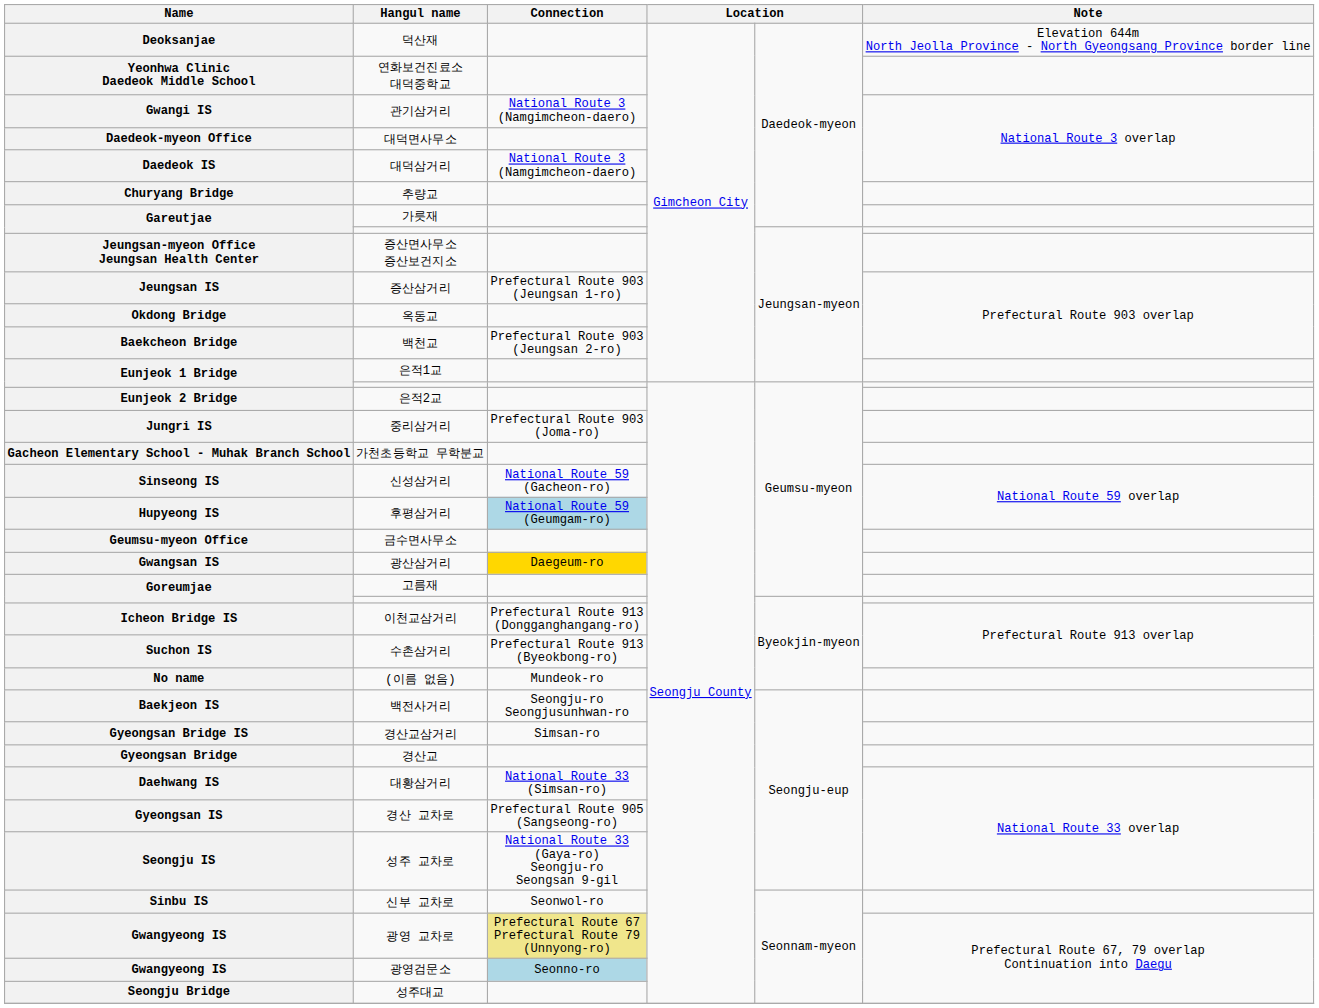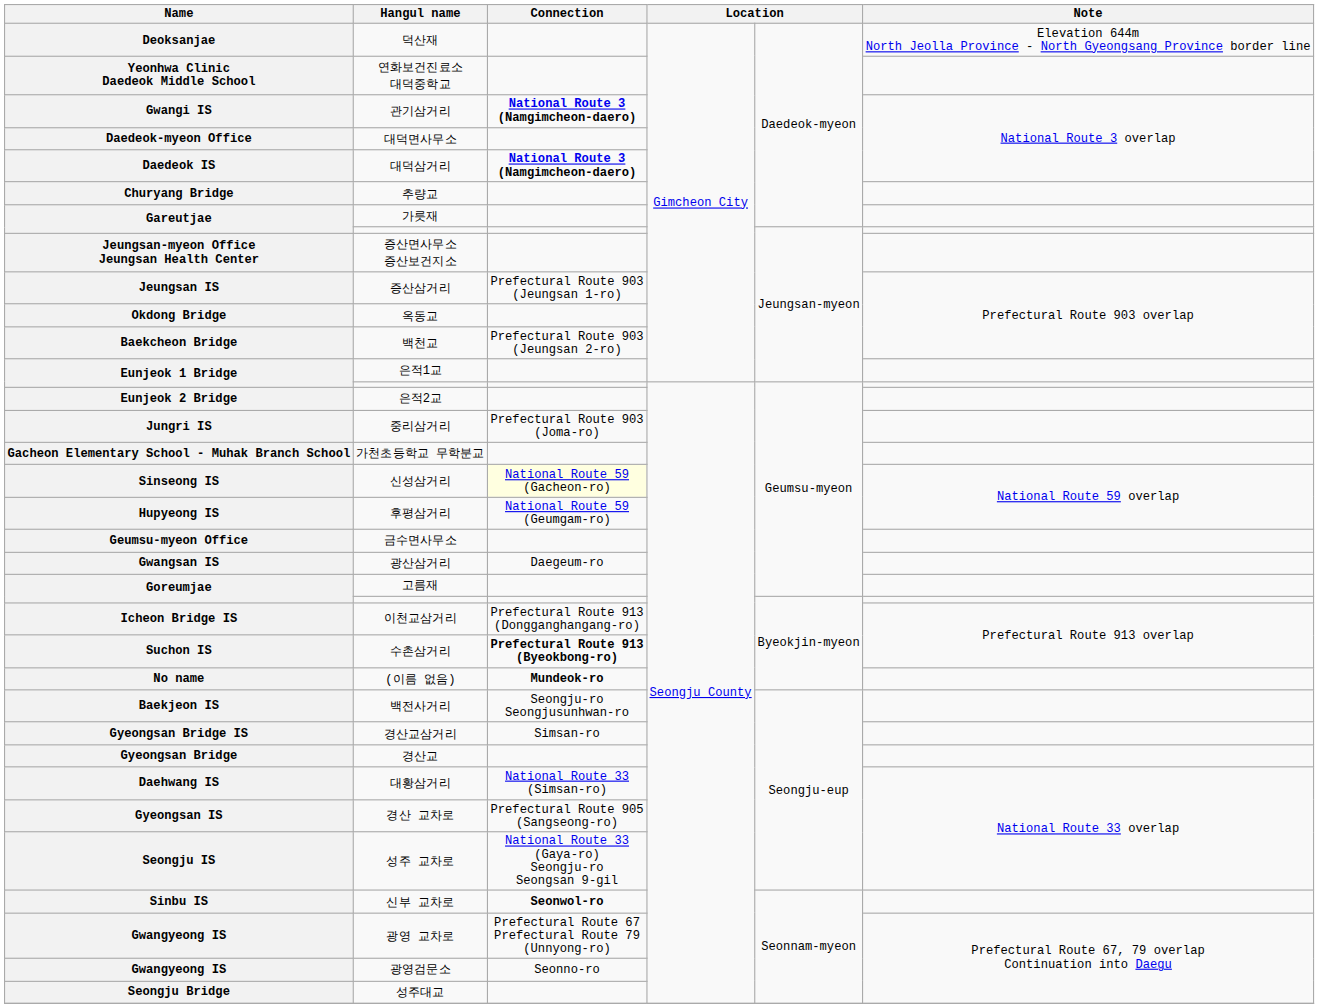 <table class="wikitable" style="font-size: 85%; text-align: center;">
 <tr>
 <th>Name </th>
 <th>Hangul name</th>
 <th>Connection</th>
 <th colspan="2">Location</th>
 <th>Note</th>
 </tr>
 <tr>
 <th>Deoksanjae</th>
 <td>덕산재</td>
 <td></td>
 <td rowspan=13><a href='#'>Gimcheon City</a></td>
 <td rowspan=7>Daedeok-myeon</td>
 <td>Elevation 644m<br><a href='#'>North Jeolla Province</a> - <a href='#'>North Gyeongsang Province</a> border line</td>
 </tr>
 <tr>
 <th>Yeonhwa Clinic<br>Daedeok Middle School</th>
 <td>연화보건진료소<br>대덕중학교</td>
 <td></td>
 <td></td>
 </tr>
 <tr>
 <th>Gwangi IS</th>
 <td>관기삼거리</td>
-<td><a href='#'>National Route 3</a><br>(Namgimcheon-daero)</td>
+<td><strong><a href='#'>National Route 3</a><br>(Namgimcheon-daero)</strong></td>
 <td rowspan=3><a href='#'>National Route 3</a> overlap</td>
 </tr>
 <tr>
 <th>Daedeok-myeon Office</th>
 <td>대덕면사무소</td>
 <td></td>
 </tr>
 <tr>
 <th>Daedeok IS</th>
 <td>대덕삼거리</td>
-<td><a href='#'>National Route 3</a><br>(Namgimcheon-daero)</td>
+<td><strong><a href='#'>National Route 3</a><br>(Namgimcheon-daero)</strong></td>
 </tr>
 <tr>
 <th>Churyang Bridge</th>
 <td>추량교</td>
 <td></td>
 <td></td>
 </tr>
 <tr>
 <th rowspan=2>Gareutjae</th>
 <td>가릇재</td>
 <td></td>
 <td></td>
 </tr>
 <tr>
 <td></td>
 <td></td>
 <td rowspan=6>Jeungsan-myeon</td>
 <td></td>
 </tr>
 <tr>
 <th>Jeungsan-myeon Office<br>Jeungsan Health Center</th>
 <td>증산면사무소<br>증산보건지소</td>
 <td></td>
 <td></td>
 </tr>
 <tr>
 <th>Jeungsan IS</th>
 <td>증산삼거리</td>
 <td>Prefectural Route 903<br>(Jeungsan 1-ro)</td>
 <td rowspan=3>Prefectural Route 903 overlap</td>
 </tr>
 <tr>
 <th>Okdong Bridge</th>
 <td>옥동교</td>
 <td></td>
 </tr>
 <tr>
 <th>Baekcheon Bridge</th>
 <td>백천교</td>
 <td>Prefectural Route 903<br>(Jeungsan 2-ro)</td>
 </tr>
 <tr>
 <th rowspan=2>Eunjeok 1 Bridge</th>
 <td>은적1교</td>
 <td></td>
 <td></td>
 </tr>
 <tr>
 <td></td>
 <td></td>
 <td rowspan=23><a href='#'>Seongju County</a></td>
 <td rowspan=9>Geumsu-myeon</td>
 <td></td>
 </tr>
 <tr>
 <th>Eunjeok 2 Bridge</th>
 <td>은적2교</td>
 <td></td>
 <td></td>
 </tr>
 <tr>
 <th>Jungri IS</th>
 <td>중리삼거리</td>
 <td>Prefectural Route 903<br>(Joma-ro)</td>
 <td></td>
 </tr>
 <tr>
 <th>Gacheon Elementary School - Muhak Branch School</th>
 <td>가천초등학교 무학분교</td>
 <td></td>
 <td></td>
 </tr>
 <tr>
 <th>Sinseong IS</th>
 <td>신성삼거리</td>
-<td><a href='#'>National Route 59</a><br>(Gacheon-ro)</td>
+<td style="background: lightyellow;"><a href='#'>National Route 59</a><br>(Gacheon-ro)</td>
 <td rowspan=2><a href='#'>National Route 59</a> overlap</td>
 </tr>
 <tr>
 <th>Hupyeong IS</th>
 <td>후평삼거리</td>
-<td style="background: lightblue;"><a href='#'>National Route 59</a><br>(Geumgam-ro)</td>
+<td><a href='#'>National Route 59</a><br>(Geumgam-ro)</td>
 </tr>
 <tr>
 <th>Geumsu-myeon Office</th>
 <td>금수면사무소</td>
 <td></td>
 <td></td>
 </tr>
 <tr>
 <th>Gwangsan IS</th>
 <td>광산삼거리</td>
-<td style="background: gold;">Daegeum-ro</td>
+<td>Daegeum-ro</td>
 <td></td>
 </tr>
 <tr>
 <th rowspan=2>Goreumjae</th>
 <td>고름재</td>
 <td></td>
 <td></td>
 </tr>
 <tr>
 <td></td>
 <td></td>
 <td rowspan=4>Byeokjin-myeon</td>
 <td></td>
 </tr>
 <tr>
 <th>Icheon Bridge IS</th>
 <td>이천교삼거리</td>
 <td>Prefectural Route 913<br>(Dongganghangang-ro)</td>
 <td rowspan=2>Prefectural Route 913 overlap</td>
 </tr>
 <tr>
 <th>Suchon IS</th>
 <td>수촌삼거리</td>
-<td>Prefectural Route 913<br>(Byeokbong-ro)</td>
+<td><strong>Prefectural Route 913<br>(Byeokbong-ro)</strong></td>
 </tr>
 <tr>
 <th>No name</th>
 <td>(이름 없음)</td>
-<td>Mundeok-ro</td>
+<td><strong>Mundeok-ro</strong></td>
 <td></td>
 </tr>
 <tr>
 <th>Baekjeon IS</th>
 <td>백전사거리</td>
 <td>Seongju-ro<br>Seongjusunhwan-ro</td>
 <td rowspan=6>Seongju-eup</td>
 <td></td>
 </tr>
 <tr>
 <th>Gyeongsan Bridge IS</th>
 <td>경산교삼거리</td>
 <td>Simsan-ro</td>
 <td></td>
 </tr>
 <tr>
 <th>Gyeongsan Bridge</th>
 <td>경산교</td>
 <td></td>
 <td></td>
 </tr>
 <tr>
 <th>Daehwang IS</th>
 <td>대황삼거리</td>
 <td><a href='#'>National Route 33</a><br>(Simsan-ro)</td>
 <td rowspan=3><a href='#'>National Route 33</a> overlap</td>
 </tr>
 <tr>
 <th>Gyeongsan IS</th>
 <td>경산 교차로</td>
 <td>Prefectural Route 905<br>(Sangseong-ro)</td>
 </tr>
 <tr>
 <th>Seongju IS</th>
 <td>성주 교차로</td>
 <td><a href='#'>National Route 33</a><br>(Gaya-ro)<br>Seongju-ro<br>Seongsan 9-gil</td>
 </tr>
 <tr>
 <th>Sinbu IS</th>
 <td>신부 교차로</td>
-<td>Seonwol-ro</td>
+<td><strong>Seonwol-ro</strong></td>
 <td rowspan=4>Seonnam-myeon</td>
 <td></td>
 </tr>
 <tr>
 <th>Gwangyeong IS</th>
 <td>광영 교차로</td>
-<td style="background: khaki;">Prefectural Route 67<br>Prefectural Route 79<br>(Unnyong-ro)</td>
+<td>Prefectural Route 67<br>Prefectural Route 79<br>(Unnyong-ro)</td>
 <td rowspan=3>Prefectural Route 67, 79 overlap<br>Continuation into <a href='#'>Daegu</a></td>
 </tr>
 <tr>
 <th>Gwangyeong IS</th>
 <td>광영검문소</td>
-<td style="background: lightblue;">Seonno-ro</td>
+<td>Seonno-ro</td>
 </tr>
 <tr>
 <th>Seongju Bridge</th>
 <td>성주대교</td>
 <td></td>
 </tr>
 <tr>
 </tr>
 </table>
